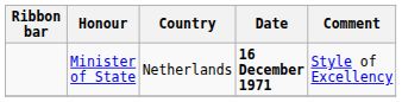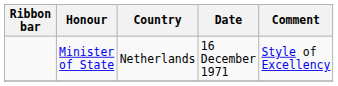 <table class="wikitable" style="width:60%;">
 <tr>
 <th style="width:80px;">Ribbon bar</th>
 <th>Honour</th>
 <th>Country</th>
 <th>Date</th>
 <th>Comment</th>
 </tr>
 <tr>
 <td></td>
 <td><a href='#'>Minister of State</a></td>
 <td>Netherlands</td>
-<td><strong>16 December 1971</strong></td>
+<td>16 December 1971</td>
 <td><a href='#'>Style</a> of <a href='#'>Excellency</a></td>
 </tr>
 <tr>
 </tr>
 </table>
